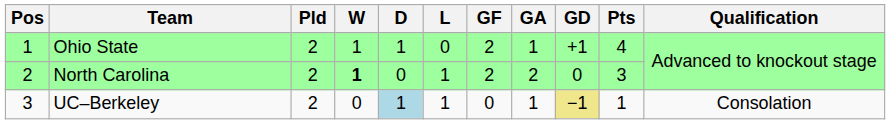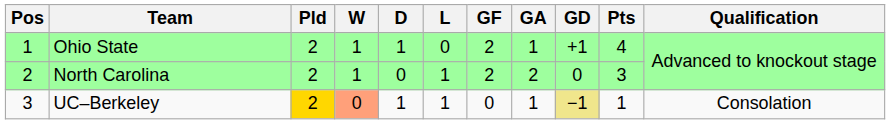 <table class="wikitable" style="text-align:center; margin: 1em auto">
 <tr>
 <th style="width:2em">Pos</th>
 <th style="width:13em">Team</th>
 <th style="width:2em">Pld</th>
 <th style="width:2em">W</th>
 <th style="width:2em">D</th>
 <th style="width:2em">L</th>
 <th style="width:2em">GF</th>
 <th style="width:2em">GA</th>
 <th style="width:2em">GD</th>
 <th style="width:2em">Pts</th>
 <th style="width:13em">Qualification</th>
 </tr>
 <tr bgcolor="#9eff9e">
 <td>1</td>
 <td style="text-align:left">Ohio State</td>
 <td>2</td>
 <td>1</td>
 <td>1</td>
 <td>0</td>
 <td>2</td>
 <td>1</td>
 <td>+1</td>
 <td>4</td>
 <td rowspan="2">Advanced to knockout stage</td>
 </tr>
 <tr bgcolor="#9eff9e">
 <td>2</td>
 <td style="text-align:left">North Carolina</td>
 <td>2</td>
-<td><strong>1</strong></td>
+<td>1</td>
 <td>0</td>
 <td>1</td>
 <td>2</td>
 <td>2</td>
 <td>0</td>
 <td>3</td>
 </tr>
 <tr>
 <td>3</td>
 <td style="text-align:left">UC–Berkeley</td>
-<td>2</td>
-<td>0</td>
-<td style="background: lightblue;">1</td>
+<td style="background: gold;">2</td>
+<td style="background: lightsalmon;">0</td>
+<td>1</td>
 <td>1</td>
 <td>0</td>
 <td>1</td>
 <td style="background: khaki;">−1</td>
 <td>1</td>
 <td>Consolation</td>
 </tr>
 </table>
